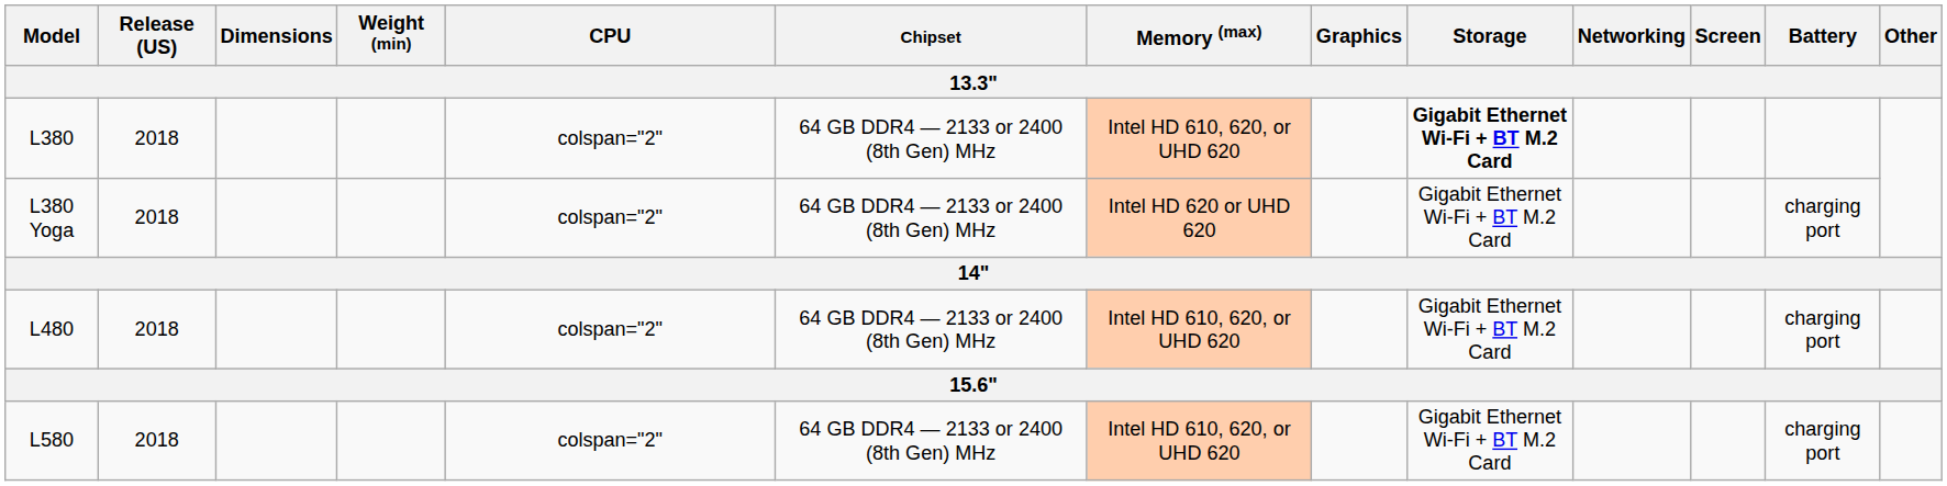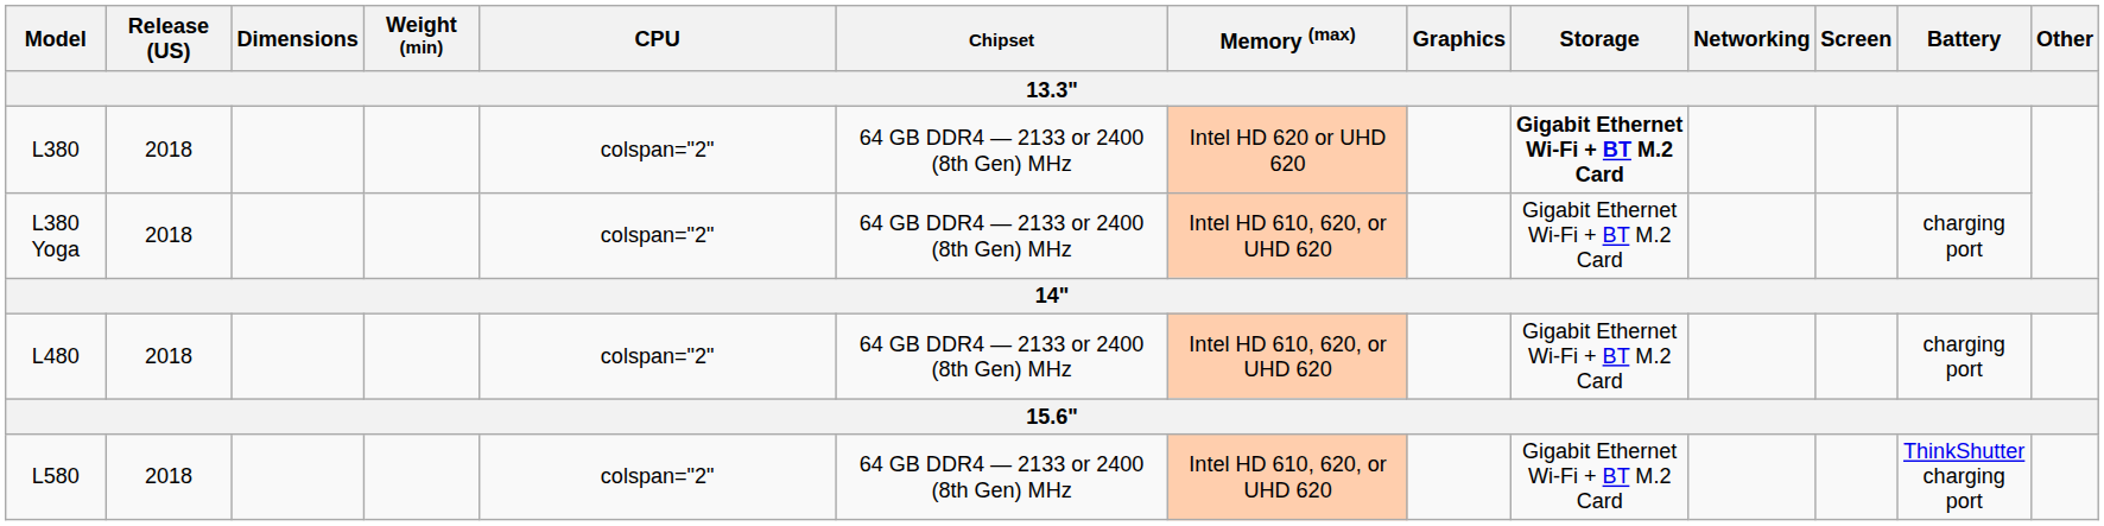 <table class="wikitable" style="font-size: 80%; text-align: center; min-width: 80%;">
 <tr>
 <th>Model</th>
 <th>Release (US)</th>
 <th>Dimensions</th>
 <th>Weight <sup>(min)</sup></th>
 <th style="width:17%">CPU</th>
 <th><small>Chipset</small></th>
 <th>Memory <sup>(max)</sup></th>
 <th>Graphics</th>
 <th>Storage</th>
 <th>Networking</th>
 <th>Screen</th>
 <th>Battery</th>
 <th>Other</th>
 </tr>
 <tr>
 <th colspan=13>13.3"</th>
 </tr>
 <tr>
 <td>L380</td>
 <td>2018</td>
 <td></td>
 <td></td>
 <td>colspan="2" </td>
 <td style="background:">64 GB DDR4 — 2133 or 2400 (8th Gen) MHz<br></td>
-<td style="background:#ffcead;">Intel HD 610, 620, or UHD 620</td>
+<td style="background:#ffcead;">Intel HD 620 or UHD 620</td>
 <td></td>
 <td><strong> Gigabit Ethernet<br>Wi-Fi + <a href='#'>BT</a> M.2 Card</strong></td>
 <td></td>
 <td></td>
 <td></td>
 </tr>
 <tr>
 <td>L380 Yoga</td>
 <td>2018</td>
 <td></td>
 <td></td>
 <td>colspan="2" </td>
 <td style="background:">64 GB DDR4 — 2133 or 2400 (8th Gen) MHz<br></td>
-<td style="background:#ffcead;">Intel HD 620 or UHD 620</td>
+<td style="background:#ffcead;">Intel HD 610, 620, or UHD 620</td>
 <td></td>
 <td> Gigabit Ethernet<br>Wi-Fi + <a href='#'>BT</a> M.2 Card</td>
 <td></td>
 <td></td>
 <td> charging port</td>
 </tr>
 <tr>
 <th colspan=13>14"</th>
 </tr>
 <tr>
 <td>L480</td>
 <td>2018</td>
 <td></td>
 <td></td>
 <td>colspan="2" </td>
 <td style="background:">64 GB DDR4 — 2133 or 2400 (8th Gen) MHz<br></td>
 <td style="background:#ffcead;">Intel HD 610, 620, or UHD 620</td>
 <td></td>
 <td>Gigabit Ethernet<br>Wi-Fi + <a href='#'>BT</a> M.2 Card<br><small></small></td>
 <td></td>
 <td></td>
 <td> charging port</td>
 </tr>
 <tr>
 <th colspan=13>15.6"</th>
 </tr>
 <tr>
 <td>L580</td>
 <td>2018</td>
 <td></td>
 <td></td>
 <td>colspan="2" </td>
 <td style="background:">64 GB DDR4 — 2133 or 2400 (8th Gen) MHz<br></td>
 <td style="background:#ffcead;">Intel HD 610, 620, or UHD 620</td>
 <td></td>
 <td>Gigabit Ethernet<br>Wi-Fi + <a href='#'>BT</a> M.2 Card<br><small></small></td>
 <td></td>
 <td></td>
-<td> charging port</td>
+<td><a href='#'>ThinkShutter</a><br> charging port</td>
 </tr>
 </table>
